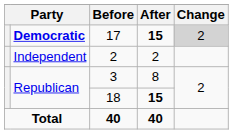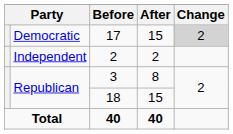 <table class="wikitable" style="text-align:center;">
 <tr>
 </tr>
 <tr>
 <th colspan=2>Party</th>
 <th>Before</th>
 <th>After</th>
 <th>Change</th>
 </tr>
 <tr>
 <th style="background-color:"></th>
-<td style="text-align:left;"><strong><a href='#'>Democratic</a></strong></td>
+<td style="text-align:left;"><a href='#'>Democratic</a></td>
 <td>17</td>
-<td><strong>15</strong></td>
+<td>15</td>
 <td style="background: lightgrey;"> 2</td>
 </tr>
 <tr>
 <th style="background-color:"></th>
 <td style="text-align:left;"><a href='#'>Independent</a></td>
 <td>2</td>
 <td>2</td>
 <td></td>
 </tr>
 <tr>
 <th rowspan=2 style="background-color:"></th>
 <td rowspan=2 style="text-align:left;"><a href='#'>Republican</a></td>
 <td>3</td>
 <td>8</td>
 <td rowspan=2> 2</td>
 </tr>
 <tr>
 <td>18</td>
-<td><strong>15</strong></td>
+<td>15</td>
 </tr>
 <tr>
 <td colspan="2"><strong>Total</strong></td>
 <td><strong>40</strong></td>
 <td><strong>40</strong></td>
 <td></td>
 </tr>
 </table>
